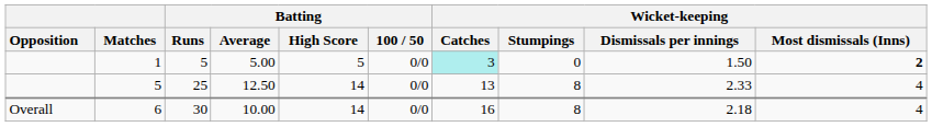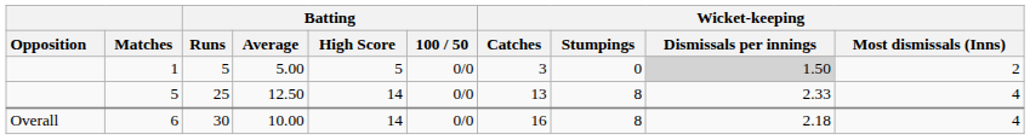 <table class="wikitable" style="margin: 1em auto 1em auto" width="80%">
 <tr>
 <th colspan=2> </th>
 <th colspan=4>Batting</th>
 <th colspan=4>Wicket-keeping</th>
 </tr>
 <tr>
 <th style="text-align:left;">Opposition</th>
 <th>Matches</th>
 <th>Runs</th>
 <th>Average</th>
 <th>High Score</th>
 <th>100 / 50</th>
 <th>Catches</th>
 <th>Stumpings</th>
 <th>Dismissals per innings</th>
 <th>Most dismissals (Inns)</th>
 </tr>
 <tr style="text-align:right;">
 <td style="text-align:left;"></td>
 <td>1</td>
 <td>5</td>
 <td>5.00</td>
 <td>5</td>
 <td>0/0</td>
-<td style="background: paleturquoise;">3</td>
+<td>3</td>
 <td>0</td>
-<td>1.50</td>
-<td><strong>2</strong></td>
+<td style="background: lightgrey;">1.50</td>
+<td>2</td>
 </tr>
 <tr style="text-align:right;">
 <td style="text-align:left;"></td>
 <td>5</td>
 <td>25</td>
 <td>12.50</td>
 <td>14</td>
 <td>0/0</td>
 <td>13</td>
 <td>8</td>
 <td>2.33</td>
 <td>4</td>
 </tr>
 <tr style="text-align:right; border-top:solid 2px grey;">
 <td style="text-align:left;">Overall</td>
 <td>6</td>
 <td>30</td>
 <td>10.00</td>
 <td>14</td>
 <td>0/0</td>
 <td>16</td>
 <td>8</td>
 <td>2.18</td>
 <td>4</td>
 </tr>
 </table>
